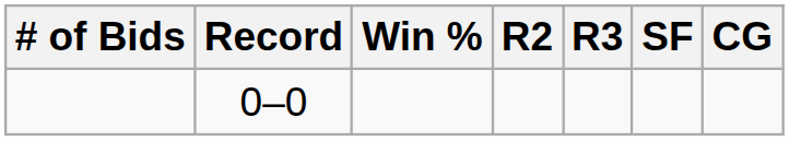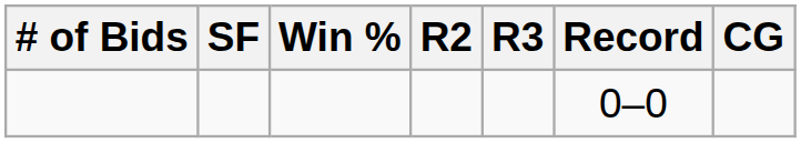 <table class="wikitable">
 <tr>
 <th># of Bids</th>
-<th>Record</th>
+<th>SF</th>
 <th>Win %</th>
 <th>R2</th>
 <th>R3</th>
-<th>SF</th>
+<th>Record</th>
 <th>CG</th>
 </tr>
 <tr align="center">
-<td></td>
-<td>0–0</td>
 <td></td>
 <td></td>
 <td></td>
 <td></td>
 <td></td>
+<td>0–0</td>
+<td></td>
 </tr>
 </table>
